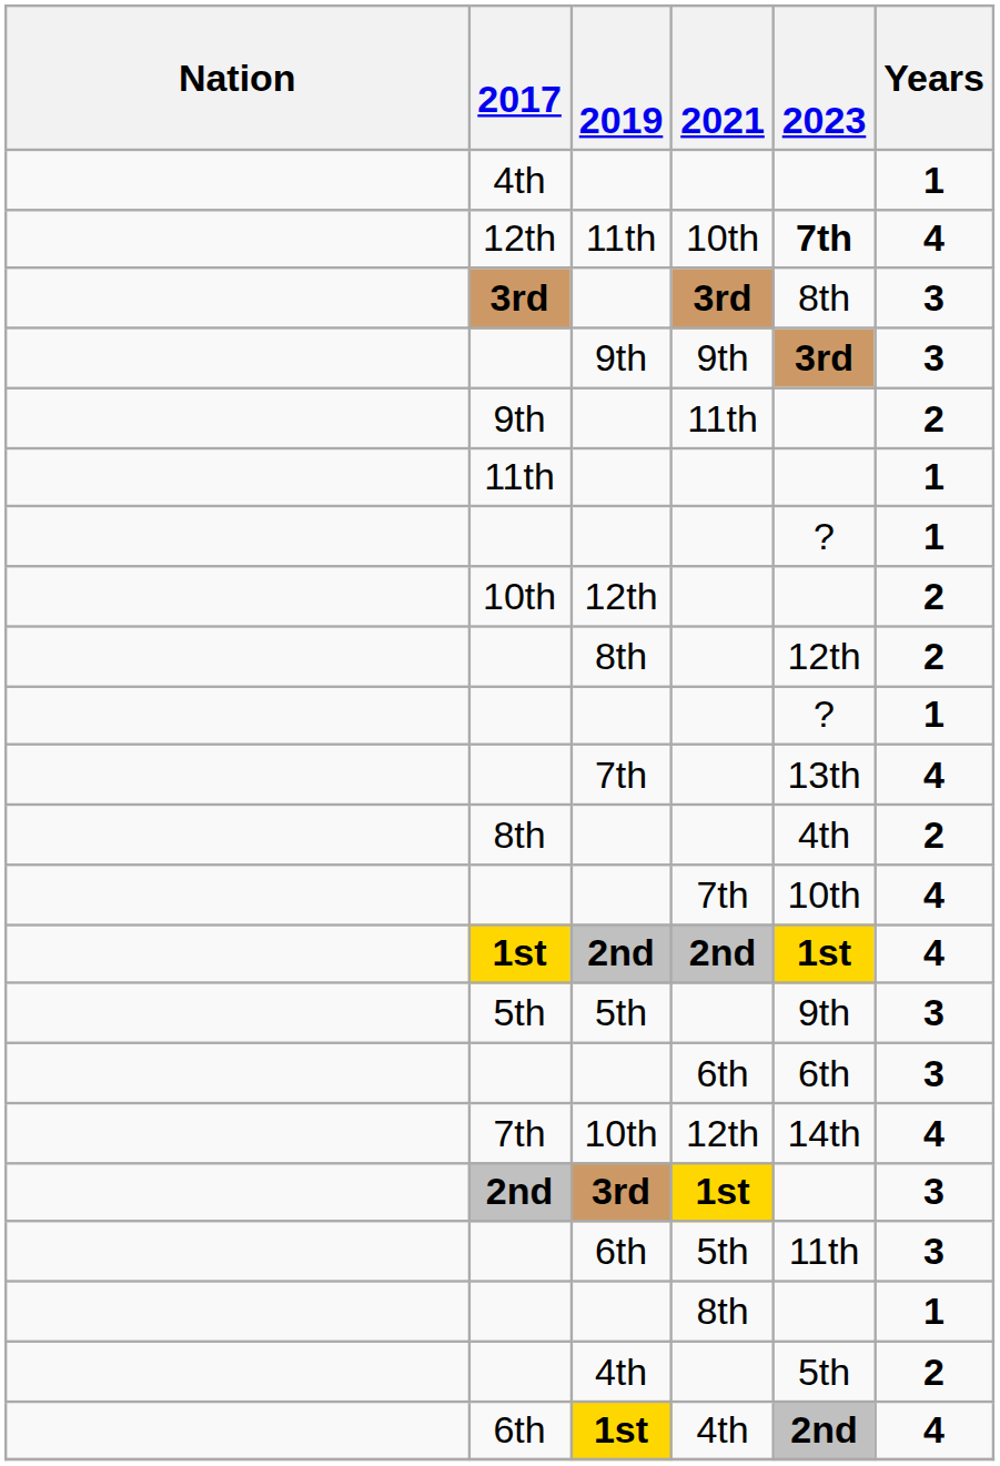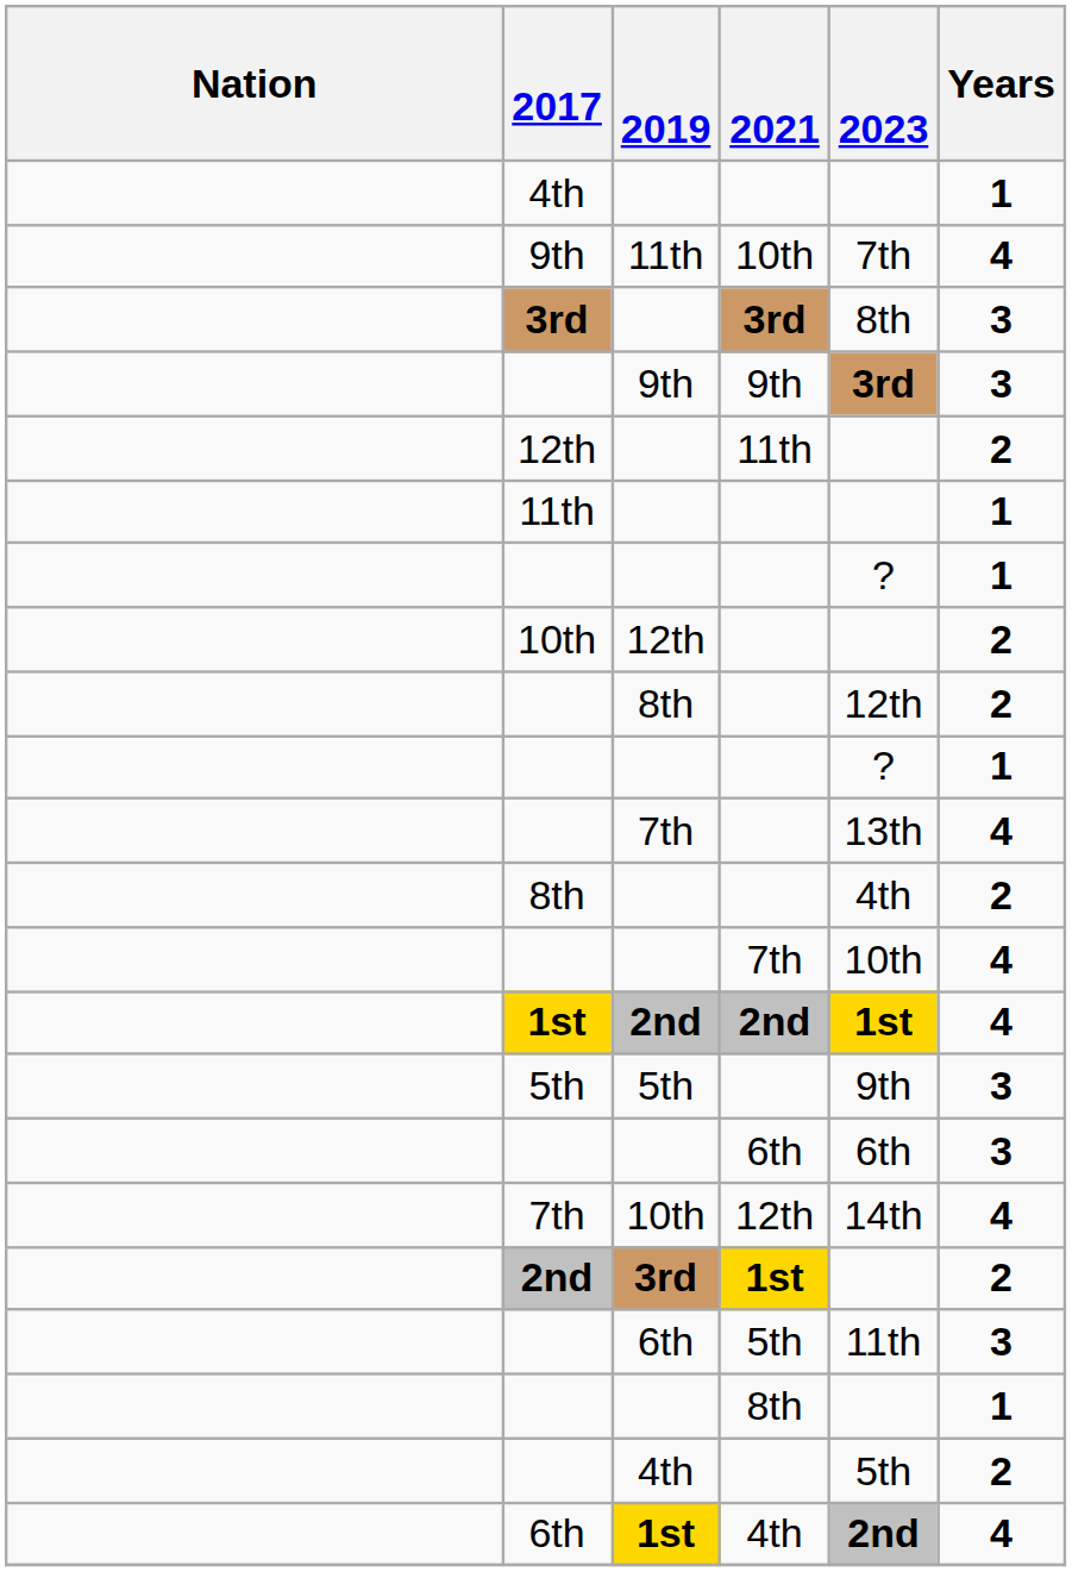 <table class="wikitable" style="text-align:center; font-size:90%">
 <tr>
 <th width=170>Nation</th>
 <th><br><a href='#'>2017</a></th>
 <th><br><br><a href='#'>2019</a></th>
 <th><br><br><a href='#'>2021</a></th>
 <th><br><br><a href='#'>2023</a></th>
 <th>Years</th>
 </tr>
 <tr>
 <td align=left></td>
 <td>4th</td>
 <td></td>
 <td></td>
 <td></td>
 <td><strong>1</strong></td>
 </tr>
 <tr>
 <td align=left></td>
-<td>12th</td>
+<td>9th</td>
 <td>11th</td>
 <td>10th</td>
-<td><strong>7th</strong></td>
+<td>7th</td>
 <td><strong>4</strong></td>
 </tr>
 <tr>
 <td align=left></td>
 <td bgcolor=#cc9966><strong>3rd</strong></td>
 <td></td>
 <td bgcolor=#cc9966><strong>3rd</strong></td>
 <td>8th</td>
 <td><strong>3</strong></td>
 </tr>
 <tr>
 <td align=left></td>
 <td></td>
 <td>9th</td>
 <td>9th</td>
 <td bgcolor=#cc9966><strong>3rd</strong></td>
 <td><strong>3</strong></td>
 </tr>
 <tr>
 <td align=left></td>
-<td>9th</td>
+<td>12th</td>
 <td></td>
 <td>11th</td>
 <td></td>
 <td><strong>2</strong></td>
 </tr>
 <tr>
 <td align=left></td>
 <td>11th</td>
 <td></td>
 <td></td>
 <td></td>
 <td><strong>1</strong></td>
 </tr>
 <tr>
 <td align=left></td>
 <td></td>
 <td></td>
 <td></td>
 <td>?</td>
 <td><strong>1</strong></td>
 </tr>
 <tr>
 <td align=left></td>
 <td>10th</td>
 <td>12th</td>
 <td></td>
 <td></td>
 <td><strong>2</strong></td>
 </tr>
 <tr>
 <td align=left></td>
 <td></td>
 <td>8th</td>
 <td></td>
 <td>12th</td>
 <td><strong>2</strong></td>
 </tr>
 <tr>
 <td align=left></td>
 <td></td>
 <td></td>
 <td></td>
 <td>?</td>
 <td><strong>1</strong></td>
 </tr>
 <tr>
 <td align=left></td>
 <td></td>
 <td>7th</td>
 <td></td>
 <td>13th</td>
 <td><strong>4</strong></td>
 </tr>
 <tr>
 <td align=left></td>
 <td>8th</td>
 <td></td>
 <td></td>
 <td>4th</td>
 <td><strong>2</strong></td>
 </tr>
 <tr>
 <td align=left></td>
 <td></td>
 <td></td>
 <td>7th</td>
 <td>10th</td>
 <td><strong>4</strong></td>
 </tr>
 <tr>
 <td align=left></td>
 <td bgcolor=gold><strong>1st</strong></td>
 <td bgcolor=silver><strong>2nd</strong></td>
 <td bgcolor=silver><strong>2nd</strong></td>
 <td bgcolor=gold><strong>1st</strong></td>
 <td><strong>4</strong></td>
 </tr>
 <tr>
 <td align=left></td>
 <td>5th</td>
 <td>5th</td>
 <td></td>
 <td>9th</td>
 <td><strong>3</strong></td>
 </tr>
 <tr>
 <td align=left></td>
 <td></td>
 <td></td>
 <td>6th</td>
 <td>6th</td>
 <td><strong>3</strong></td>
 </tr>
 <tr>
 <td align=left></td>
 <td>7th</td>
 <td>10th</td>
 <td>12th</td>
 <td>14th</td>
 <td><strong>4</strong></td>
 </tr>
 <tr>
 <td align=left></td>
 <td bgcolor=silver><strong>2nd</strong></td>
 <td bgcolor=#cc9966><strong>3rd</strong></td>
 <td bgcolor=gold><strong>1st</strong></td>
 <td></td>
-<td><strong>3</strong></td>
+<td><strong>2</strong></td>
 </tr>
 <tr>
 <td align=left></td>
 <td></td>
 <td>6th</td>
 <td>5th</td>
 <td>11th</td>
 <td><strong>3</strong></td>
 </tr>
 <tr>
 <td align=left></td>
 <td></td>
 <td></td>
 <td>8th</td>
 <td></td>
 <td><strong>1</strong></td>
 </tr>
 <tr>
 <td align=left></td>
 <td></td>
 <td>4th</td>
 <td></td>
 <td>5th</td>
 <td><strong>2</strong></td>
 </tr>
 <tr>
 <td align=left></td>
 <td>6th</td>
 <td bgcolor=gold><strong>1st</strong></td>
 <td>4th</td>
 <td bgcolor=silver><strong>2nd</strong></td>
 <td><strong>4</strong></td>
 </tr>
 <tr>
 </tr>
 </table>
